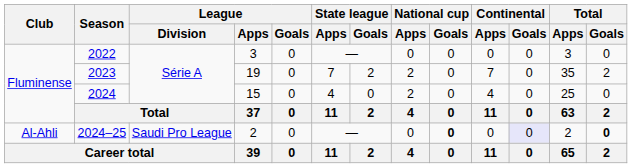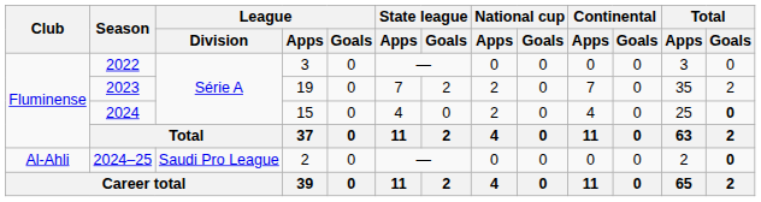 <table class="wikitable" style="text-align: center">
 <tr>
 <th rowspan="2">Club</th>
 <th rowspan="2">Season</th>
 <th colspan="3">League</th>
 <th colspan="2">State league</th>
 <th colspan="2">National cup</th>
 <th colspan="2">Continental</th>
 <th colspan="2">Total</th>
 </tr>
 <tr>
 <th>Division</th>
 <th>Apps</th>
 <th>Goals</th>
 <th>Apps</th>
 <th>Goals</th>
 <th>Apps</th>
 <th>Goals</th>
 <th>Apps</th>
 <th>Goals</th>
 <th>Apps</th>
 <th>Goals</th>
 </tr>
 <tr>
 <td rowspan="4"><a href='#'>Fluminense</a></td>
 <td><a href='#'>2022</a></td>
 <td rowspan="3"><a href='#'>Série A</a></td>
 <td>3</td>
 <td>0</td>
 <td colspan="2">—</td>
 <td>0</td>
 <td>0</td>
 <td>0</td>
 <td>0</td>
 <td>3</td>
 <td>0</td>
 </tr>
 <tr>
 <td><a href='#'>2023</a></td>
 <td>19</td>
 <td>0</td>
 <td>7</td>
 <td>2</td>
 <td>2</td>
 <td>0</td>
 <td>7</td>
 <td>0</td>
 <td>35</td>
 <td>2</td>
 </tr>
 <tr>
 <td><a href='#'>2024</a></td>
 <td>15</td>
 <td>0</td>
 <td>4</td>
 <td>0</td>
 <td>2</td>
 <td>0</td>
 <td>4</td>
 <td>0</td>
 <td>25</td>
-<td>0</td>
+<td><strong>0</strong></td>
 </tr>
 <tr>
 <th colspan="2">Total</th>
 <th>37</th>
 <th>0</th>
 <th>11</th>
 <th>2</th>
 <th>4</th>
 <th>0</th>
 <th>11</th>
 <th>0</th>
 <th>63</th>
 <th>2</th>
 </tr>
 <tr>
 <td><a href='#'>Al-Ahli</a></td>
 <td><a href='#'>2024–25</a></td>
 <td><a href='#'>Saudi Pro League</a></td>
 <td>2</td>
 <td>0</td>
 <td colspan="2">—</td>
 <td>0</td>
-<td><strong>0</strong></td>
 <td>0</td>
-<td style="background: lavender;">0</td>
+<td>0</td>
+<td>0</td>
 <td>2</td>
 <td><strong>0</strong></td>
 </tr>
 <tr>
 <th colspan="3">Career total</th>
 <th>39</th>
 <th>0</th>
 <th>11</th>
 <th>2</th>
 <th>4</th>
 <th>0</th>
 <th>11</th>
 <th>0</th>
 <th>65</th>
 <th>2</th>
 </tr>
 </table>
